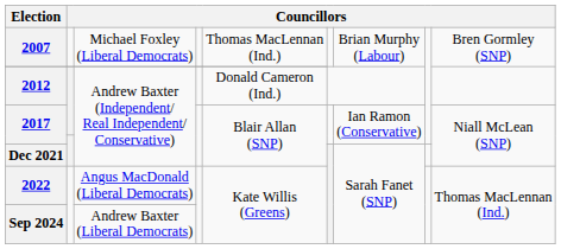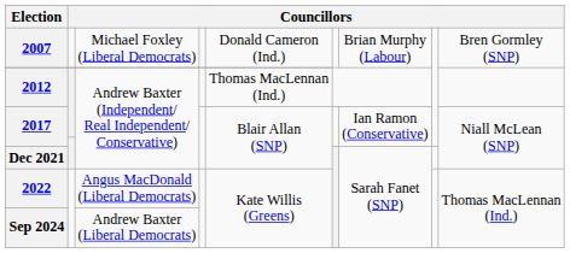 <table class="wikitable" style="text-align:center">
 <tr>
 <th>Election</th>
 <th colspan=8>Councillors</th>
 </tr>
 <tr>
 <th><a href='#'>2007</a></th>
 <td rowspan=1; style="background-color: "></td>
 <td rowspan=1>Michael Foxley<br>(<a href='#'>Liberal Democrats</a>)</td>
 <td rowspan=1; style="background-color: "></td>
-<td rowspan=1>Thomas MacLennan<br>(Ind.)</td>
+<td rowspan=1>Donald Cameron<br>(Ind.)</td>
 <td rowspan=2; style="background-color: "></td>
 <td rowspan=2>Brian Murphy<br>(<a href='#'>Labour</a>)</td>
 <td rowspan=5; style="background-color: "></td>
 <td rowspan=2>Bren Gormley<br>(<a href='#'>SNP</a>)</td>
 </tr>
 <tr>
 </tr>
 <tr>
 <th><a href='#'>2012</a></th>
 <th rowspan="2" ; style="height: 70px; background-color: "></th>
 <td rowspan="4">Andrew Baxter <br>(<a href='#'>Independent</a>/<br><a href='#'>Real Independent</a>/<br><a href='#'>Conservative</a>)</td>
 <td rowspan=1; style="background-color: "></td>
-<td rowspan=1>Donald Cameron<br>(Ind.)</td>
+<td rowspan=1>Thomas MacLennan<br>(Ind.)</td>
 </tr>
 <tr>
 <th rowspan="2"><a href='#'>2017</a></th>
 <td rowspan=3; style="background-color: "></td>
 <td rowspan=3>Blair Allan<br>(<a href='#'>SNP</a>)</td>
 <td rowspan=2; style="background-color: "></td>
 <td rowspan=2>Ian Ramon<br>(<a href='#'>Conservative</a>)</td>
 <td rowspan=3>Niall McLean<br>(<a href='#'>SNP</a>)</td>
 </tr>
 <tr>
 <th rowspan="2" ; style="background-color: "></th>
 </tr>
 <tr>
 <th rowspan="1">Dec 2021</th>
 <th rowspan="3" ; style="background-color: "></th>
 <td rowspan="3">Sarah Fanet <br>(<a href='#'>SNP</a>)</td>
 </tr>
 <tr>
 <th><a href='#'>2022</a></th>
 <td rowspan=2; style="background-color: "></td>
 <td rowspan=1><a href='#'>Angus MacDonald</a><br>(<a href='#'>Liberal Democrats</a>)</td>
 <td rowspan=2; style="background-color: "></td>
 <td rowspan=2>Kate Willis<br>(<a href='#'>Greens</a>)</td>
 <td rowspan=2; style="background-color: "></td>
 <td rowspan=2>Thomas MacLennan<br>(<a href='#'>Ind.</a>)</td>
 </tr>
 <tr>
 <th>Sep 2024</th>
 <td rowspan=1>Andrew Baxter<br>(<a href='#'>Liberal Democrats</a>)</td>
 </tr>
 </table>
